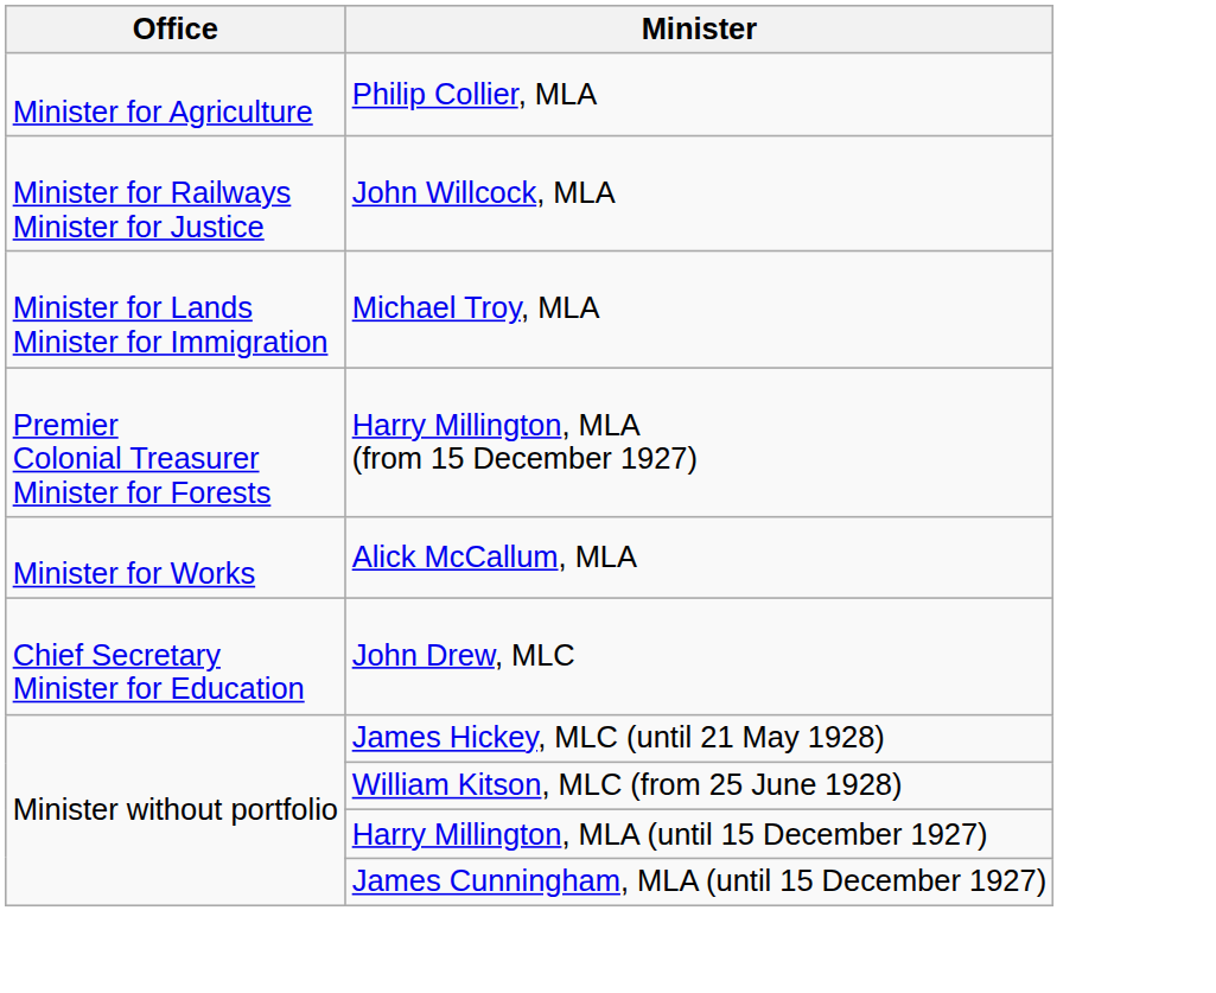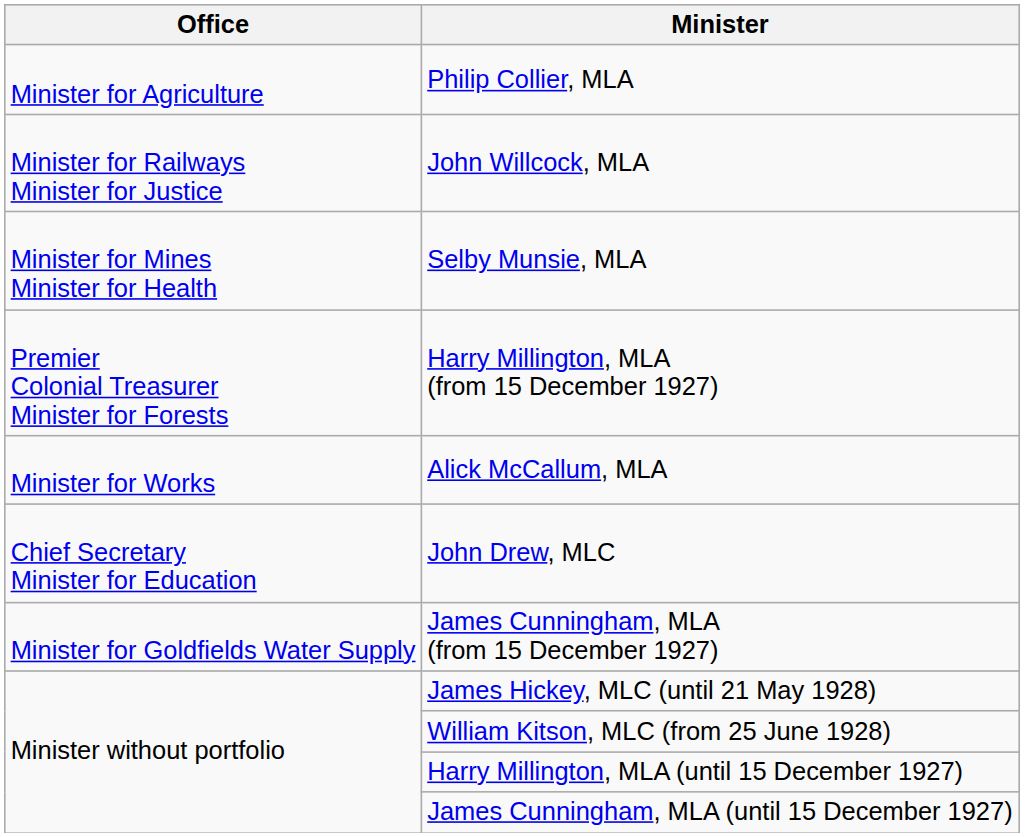 <table class="wikitable">
 <tr>
 <th>Office</th>
 <th>Minister</th>
 </tr>
 <tr>
 <td><br><a href='#'>Minister for Agriculture</a><br></td>
 <td><a href='#'>Philip Collier</a>, MLA</td>
 </tr>
 <tr>
 <td><br><a href='#'>Minister for Railways</a><br> <a href='#'>Minister for Justice</a><br></td>
 <td><a href='#'>John Willcock</a>, MLA</td>
 </tr>
 <tr>
-<td><br><a href='#'>Minister for Lands</a><br> <a href='#'>Minister for Immigration</a><br></td>
-<td><a href='#'>Michael Troy</a>, MLA</td>
+<td><br><a href='#'>Minister for Mines</a><br> <a href='#'>Minister for Health</a><br></td>
+<td><a href='#'>Selby Munsie</a>, MLA</td>
 </tr>
 <tr>
 <td><br><a href='#'>Premier</a><br> <a href='#'>Colonial Treasurer</a><br> <a href='#'>Minister for Forests</a><br></td>
 <td><a href='#'>Harry Millington</a>, MLA<br>(from 15 December 1927)</td>
 </tr>
 <tr>
 <td><br><a href='#'>Minister for Works</a><br></td>
 <td><a href='#'>Alick McCallum</a>, MLA</td>
 </tr>
 <tr>
 <td><br><a href='#'>Chief Secretary</a><br> <a href='#'>Minister for Education</a><br></td>
 <td><a href='#'>John Drew</a>, MLC</td>
+</tr>
+<tr>
+<td><br><a href='#'>Minister for Goldfields Water Supply</a></td>
+<td><a href='#'>James Cunningham</a>, MLA<br>(from 15 December 1927)</td>
 </tr>
 <tr>
 <td rowspan=4>Minister without portfolio</td>
 <td><a href='#'>James Hickey</a>, MLC (until 21 May 1928)</td>
 </tr>
 <tr>
 <td><a href='#'>William Kitson</a>, MLC (from 25 June 1928)</td>
 </tr>
 <tr>
 <td><a href='#'>Harry Millington</a>, MLA (until 15 December 1927)</td>
 </tr>
 <tr>
 <td><a href='#'>James Cunningham</a>, MLA (until 15 December 1927)</td>
 </tr>
 </table>
